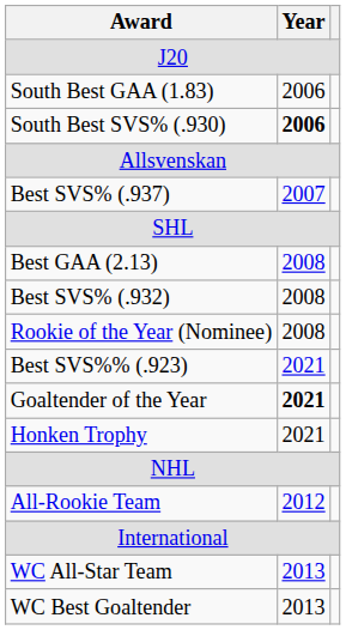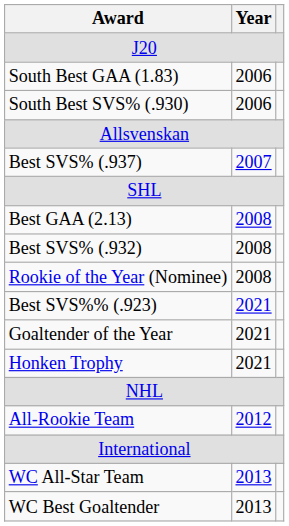 <table class="wikitable">
 <tr>
 <th>Award</th>
 <th>Year</th>
 <th></th>
 </tr>
 <tr ALIGN="center" bgcolor="#e0e0e0">
 <td colspan="3"><a href='#'>J20</a></td>
 </tr>
 <tr>
 <td>South Best GAA (1.83)</td>
 <td>2006</td>
 <td></td>
 </tr>
 <tr>
 <td>South Best SVS% (.930)</td>
-<td><strong>2006</strong></td>
+<td>2006</td>
 <td></td>
 </tr>
 <tr ALIGN="center" bgcolor="#e0e0e0">
 <td colspan="3"><a href='#'>Allsvenskan</a></td>
 </tr>
 <tr>
 <td>Best SVS% (.937)</td>
 <td><a href='#'>2007</a></td>
 <td></td>
 </tr>
 <tr ALIGN="center" bgcolor="#e0e0e0">
 <td colspan="3"><a href='#'>SHL</a></td>
 </tr>
 <tr>
 <td>Best GAA (2.13)</td>
 <td><a href='#'>2008</a></td>
 <td></td>
 </tr>
 <tr>
 <td>Best SVS% (.932)</td>
 <td>2008</td>
 <td></td>
 </tr>
 <tr>
 <td><a href='#'>Rookie of the Year</a> (Nominee)</td>
 <td>2008</td>
 <td></td>
 </tr>
 <tr>
 <td>Best SVS%% (.923)</td>
 <td><a href='#'>2021</a></td>
 <td></td>
 </tr>
 <tr>
 <td>Goaltender of the Year</td>
-<td><strong>2021</strong></td>
+<td>2021</td>
 <td></td>
 </tr>
 <tr>
 <td><a href='#'>Honken Trophy</a></td>
 <td>2021</td>
 <td></td>
 </tr>
 <tr ALIGN="center" bgcolor="#e0e0e0">
 <td colspan="3"><a href='#'>NHL</a></td>
 </tr>
 <tr>
 <td><a href='#'>All-Rookie Team</a></td>
 <td><a href='#'>2012</a></td>
 <td></td>
 </tr>
 <tr ALIGN="center" bgcolor="#e0e0e0">
 <td colspan="3"><a href='#'>International</a></td>
 </tr>
 <tr>
 <td><a href='#'>WC</a> All-Star Team</td>
 <td><a href='#'>2013</a></td>
 <td></td>
 </tr>
 <tr>
 <td>WC Best Goaltender</td>
 <td>2013</td>
 <td></td>
 </tr>
 </table>
